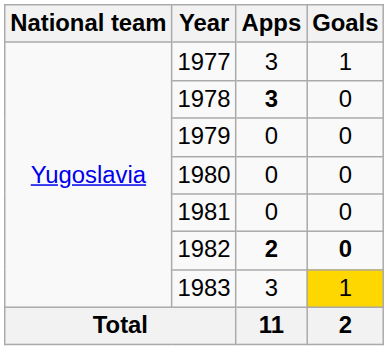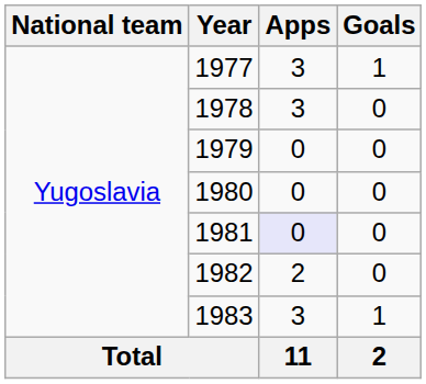 <table class="wikitable" style="text-align:center">
 <tr>
 <th>National team</th>
 <th>Year</th>
 <th>Apps</th>
 <th>Goals</th>
 </tr>
 <tr>
 <td rowspan="7"><a href='#'>Yugoslavia</a></td>
 <td>1977</td>
 <td>3</td>
 <td>1</td>
 </tr>
 <tr>
 <td>1978</td>
-<td><strong>3</strong></td>
+<td>3</td>
 <td>0</td>
 </tr>
 <tr>
 <td>1979</td>
 <td>0</td>
 <td>0</td>
 </tr>
 <tr>
 <td>1980</td>
 <td>0</td>
 <td>0</td>
 </tr>
 <tr>
 <td>1981</td>
-<td>0</td>
+<td style="background: lavender;">0</td>
 <td>0</td>
 </tr>
 <tr>
 <td>1982</td>
-<td><strong>2</strong></td>
-<td><strong>0</strong></td>
+<td>2</td>
+<td>0</td>
 </tr>
 <tr>
 <td>1983</td>
 <td>3</td>
-<td style="background: gold;">1</td>
+<td>1</td>
 </tr>
 <tr>
 <th colspan="2">Total</th>
 <th>11</th>
 <th>2</th>
 </tr>
 </table>
